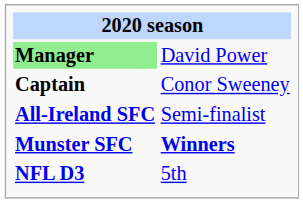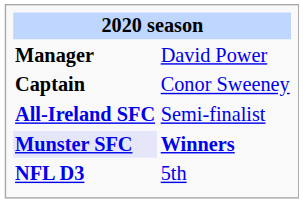 <table class="infobox vevent" style="font-size: 90%;">
 <tr>
 <th style="background: #BFD7FF; text-align: center" colspan="3">2020 season</th>
 </tr>
 <tr>
-<td style="background: lightgreen;"><strong>Manager</strong></td>
+<td><strong>Manager</strong></td>
 <td colspan="2"><a href='#'>David Power</a></td>
 </tr>
 <tr>
 <td><strong>Captain</strong></td>
 <td colspan="2"><a href='#'>Conor Sweeney</a></td>
 </tr>
 <tr>
 <td><strong><a href='#'>All-Ireland SFC</a></strong></td>
 <td colspan="2"><a href='#'>Semi-finalist</a></td>
 </tr>
 <tr>
-<td><strong><a href='#'>Munster SFC</a></strong></td>
+<td style="background: lavender;"><strong><a href='#'>Munster SFC</a></strong></td>
 <td colspan="2"><strong><a href='#'>Winners</a></strong></td>
 </tr>
 <tr>
 <td><strong><a href='#'>NFL D3</a></strong></td>
 <td colspan="2"><a href='#'>5th</a></td>
 </tr>
 <tr>
 </tr>
 </table>
